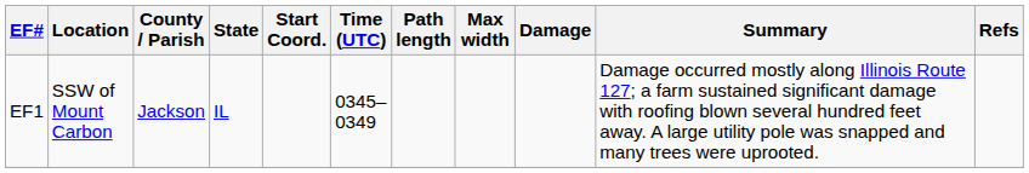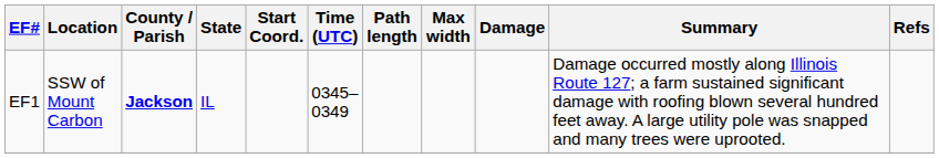 <table class="wikitable sortable" style="width:100%;">
 <tr>
 <th scope="col" width="3%" align="center"><a href='#'>EF#</a></th>
 <th scope="col" width="7%" align="center" class="unsortable">Location</th>
 <th scope="col" width="6%" align="center" class="unsortable">County / Parish</th>
 <th scope="col" width="5%" align="center">State</th>
 <th scope="col" width="6%" align="center">Start Coord.</th>
 <th scope="col" width="6%" align="center">Time (<a href='#'>UTC</a>)</th>
 <th scope="col" width="6%" align="center">Path length</th>
 <th scope="col" width="6%" align="center">Max width</th>
 <th scope="col" width="6%" align="center">Damage</th>
 <th scope="col" width="48%" class="unsortable" align="center">Summary</th>
 <th scope="col" width="3%" class="unsortable" align="center">Refs</th>
 </tr>
 <tr>
 <td>EF1</td>
 <td>SSW of <a href='#'>Mount Carbon</a></td>
-<td><a href='#'>Jackson</a></td>
+<td><strong><a href='#'>Jackson</a></strong></td>
 <td><a href='#'>IL</a></td>
 <td></td>
 <td>0345–0349</td>
 <td></td>
 <td></td>
 <td></td>
 <td>Damage occurred mostly along <a href='#'>Illinois Route 127</a>; a farm sustained significant damage with roofing blown several hundred feet away. A large utility pole was snapped and many trees were uprooted.</td>
 <td></td>
 </tr>
 <tr>
 </tr>
 </table>
